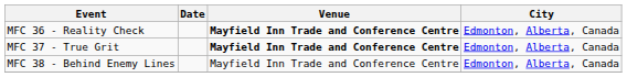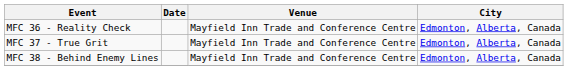 <table class="wikitable">
 <tr>
 <th>Event</th>
 <th>Date</th>
 <th>Venue</th>
 <th>City</th>
 </tr>
 <tr>
 <td>MFC 36 - Reality Check</td>
 <td></td>
-<td><strong>Mayfield Inn Trade and Conference Centre</strong></td>
+<td>Mayfield Inn Trade and Conference Centre</td>
 <td><a href='#'>Edmonton</a>, <a href='#'>Alberta</a>, Canada</td>
 </tr>
 <tr>
 <td>MFC 37 - True Grit</td>
 <td></td>
-<td><strong>Mayfield Inn Trade and Conference Centre</strong></td>
+<td>Mayfield Inn Trade and Conference Centre</td>
 <td><a href='#'>Edmonton</a>, <a href='#'>Alberta</a>, Canada</td>
 </tr>
 <tr>
 <td>MFC 38 - Behind Enemy Lines</td>
 <td></td>
 <td>Mayfield Inn Trade and Conference Centre</td>
 <td><a href='#'>Edmonton</a>, <a href='#'>Alberta</a>, Canada</td>
 </tr>
 <tr>
 </tr>
 </table>
